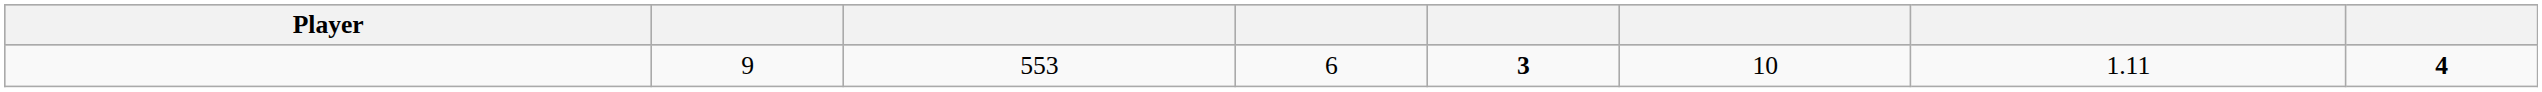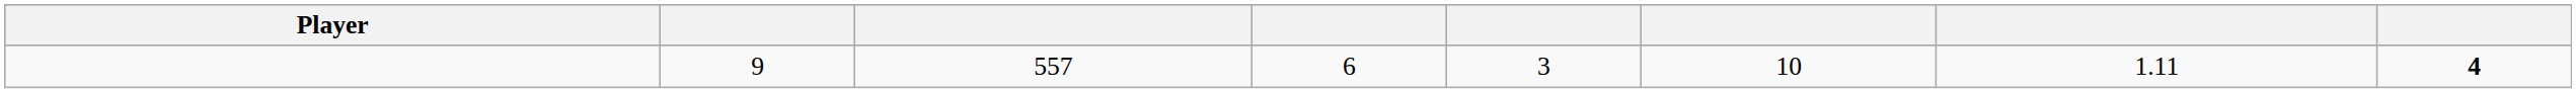 <table class="wikitable sortable" style="width:100%;">
 <tr style="text-align:center; background:#ddd;">
 <th>Player</th>
 <th></th>
 <th></th>
 <th></th>
 <th></th>
 <th></th>
 <th></th>
 <th></th>
 </tr>
 <tr align=center>
 <td></td>
 <td>9</td>
-<td>553</td>
+<td>557</td>
 <td>6</td>
-<td><strong>3</strong></td>
+<td>3</td>
 <td>10</td>
 <td>1.11</td>
 <td><strong>4</strong></td>
 </tr>
 </table>
